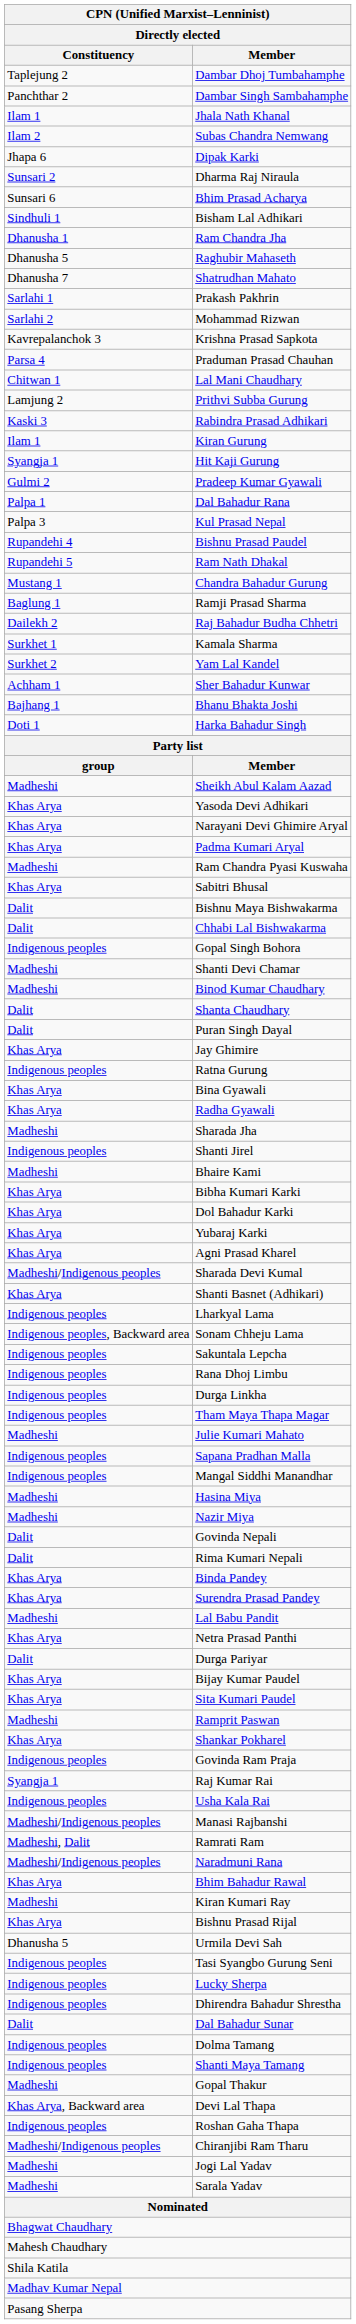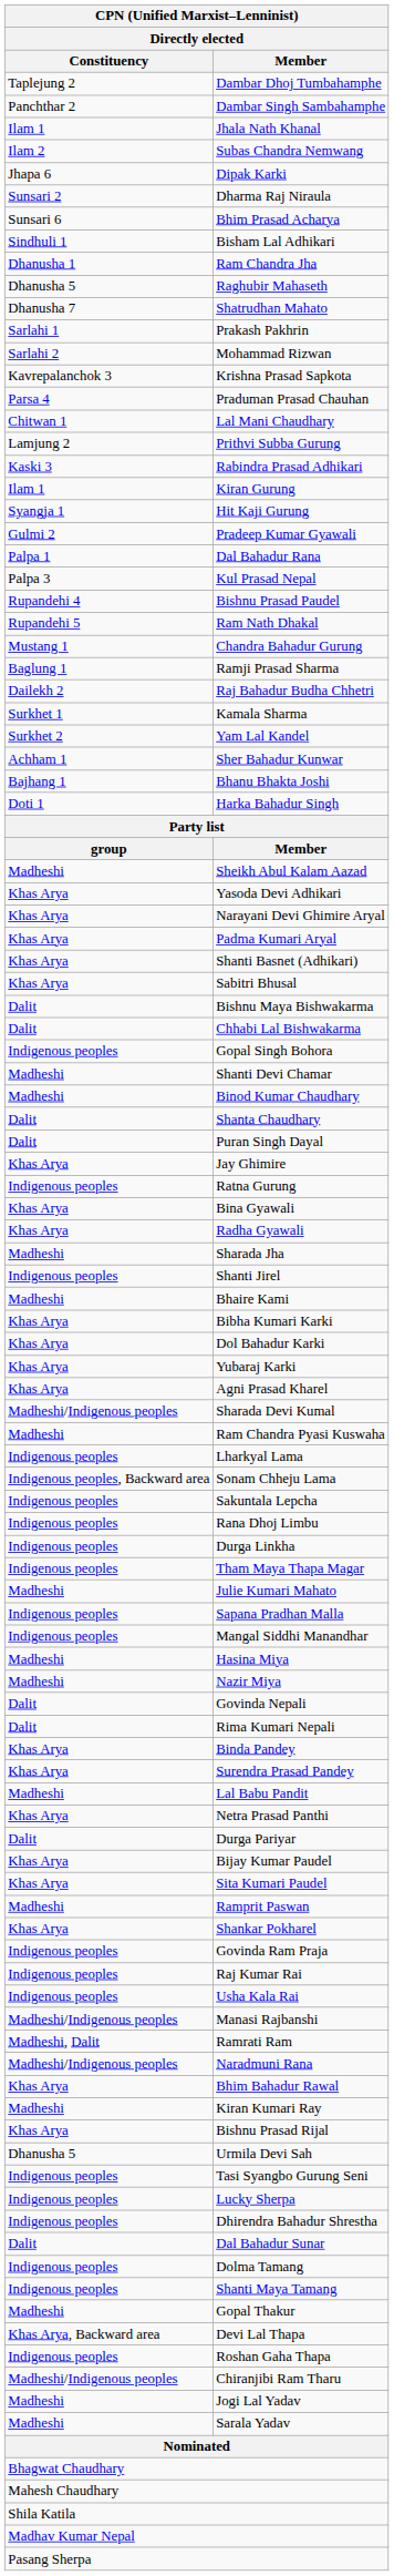 <table role="presentation" class="wikitable mw-collapsible mw-collapsed">
 <tr>
 <th colspan="2" style="width: 300pt; background: ">CPN (Unified Marxist–Lenninist)</th>
 </tr>
 <tr>
 <th colspan="2">Directly elected</th>
 </tr>
 <tr>
 <th>Constituency</th>
 <th>Member</th>
 </tr>
 <tr>
 <td>Taplejung 2</td>
 <td><a href='#'>Dambar Dhoj Tumbahamphe</a></td>
 </tr>
 <tr>
 <td>Panchthar 2</td>
 <td><a href='#'>Dambar Singh Sambahamphe</a></td>
 </tr>
 <tr>
 <td><a href='#'>Ilam 1</a></td>
 <td><a href='#'>Jhala Nath Khanal</a></td>
 </tr>
 <tr>
 <td><a href='#'>Ilam 2</a></td>
 <td><a href='#'>Subas Chandra Nemwang</a></td>
 </tr>
 <tr>
 <td>Jhapa 6</td>
 <td><a href='#'>Dipak Karki</a></td>
 </tr>
 <tr>
 <td><a href='#'>Sunsari 2</a></td>
 <td>Dharma Raj Niraula</td>
 </tr>
 <tr>
 <td>Sunsari 6</td>
 <td><a href='#'>Bhim Prasad Acharya</a></td>
 </tr>
 <tr>
 <td><a href='#'>Sindhuli 1</a></td>
 <td>Bisham Lal Adhikari</td>
 </tr>
 <tr>
 <td><a href='#'>Dhanusha 1</a></td>
 <td><a href='#'>Ram Chandra Jha</a></td>
 </tr>
 <tr>
 <td>Dhanusha 5</td>
 <td><a href='#'>Raghubir Mahaseth</a></td>
 </tr>
 <tr>
 <td>Dhanusha 7</td>
 <td><a href='#'>Shatrudhan Mahato</a></td>
 </tr>
 <tr>
 <td><a href='#'>Sarlahi 1</a></td>
 <td>Prakash Pakhrin</td>
 </tr>
 <tr>
 <td><a href='#'>Sarlahi 2</a></td>
 <td>Mohammad Rizwan</td>
 </tr>
 <tr>
 <td>Kavrepalanchok 3</td>
 <td>Krishna Prasad Sapkota</td>
 </tr>
 <tr>
 <td><a href='#'>Parsa 4</a></td>
 <td>Praduman Prasad Chauhan</td>
 </tr>
 <tr>
 <td><a href='#'>Chitwan 1</a></td>
 <td><a href='#'>Lal Mani Chaudhary</a></td>
 </tr>
 <tr>
 <td>Lamjung 2</td>
 <td><a href='#'>Prithvi Subba Gurung</a></td>
 </tr>
 <tr>
 <td><a href='#'>Kaski 3</a></td>
 <td><a href='#'>Rabindra Prasad Adhikari</a></td>
 </tr>
 <tr>
 <td><a href='#'>Ilam 1</a></td>
 <td><a href='#'>Kiran Gurung</a></td>
 </tr>
 <tr>
 <td><a href='#'>Syangja 1</a></td>
 <td><a href='#'>Hit Kaji Gurung</a></td>
 </tr>
 <tr>
 <td><a href='#'>Gulmi 2</a></td>
 <td><a href='#'>Pradeep Kumar Gyawali</a></td>
 </tr>
 <tr>
 <td><a href='#'>Palpa 1</a></td>
 <td><a href='#'>Dal Bahadur Rana</a></td>
 </tr>
 <tr>
 <td>Palpa 3</td>
 <td><a href='#'>Kul Prasad Nepal</a></td>
 </tr>
 <tr>
 <td><a href='#'>Rupandehi 4</a></td>
 <td><a href='#'>Bishnu Prasad Paudel</a></td>
 </tr>
 <tr>
 <td><a href='#'>Rupandehi 5</a></td>
 <td><a href='#'>Ram Nath Dhakal</a></td>
 </tr>
 <tr>
 <td><a href='#'>Mustang 1</a></td>
 <td><a href='#'>Chandra Bahadur Gurung</a></td>
 </tr>
 <tr>
 <td><a href='#'>Baglung 1</a></td>
 <td>Ramji Prasad Sharma</td>
 </tr>
 <tr>
 <td><a href='#'>Dailekh 2</a></td>
 <td><a href='#'>Raj Bahadur Budha Chhetri</a></td>
 </tr>
 <tr>
 <td><a href='#'>Surkhet 1</a></td>
 <td>Kamala Sharma</td>
 </tr>
 <tr>
 <td><a href='#'>Surkhet 2</a></td>
 <td><a href='#'>Yam Lal Kandel</a></td>
 </tr>
 <tr>
 <td><a href='#'>Achham 1</a></td>
 <td><a href='#'>Sher Bahadur Kunwar</a></td>
 </tr>
 <tr>
 <td><a href='#'>Bajhang 1</a></td>
 <td><a href='#'>Bhanu Bhakta Joshi</a></td>
 </tr>
 <tr>
 <td><a href='#'>Doti 1</a></td>
 <td><a href='#'>Harka Bahadur Singh</a></td>
 </tr>
 <tr>
 <th colspan="2">Party list</th>
 </tr>
 <tr>
 <th> group</th>
 <th>Member</th>
 </tr>
 <tr>
 <td><a href='#'>Madheshi</a></td>
 <td><a href='#'>Sheikh Abul Kalam Aazad</a></td>
 </tr>
 <tr>
 <td><a href='#'>Khas Arya</a></td>
 <td>Yasoda Devi Adhikari</td>
 </tr>
 <tr>
 <td><a href='#'>Khas Arya</a></td>
 <td>Narayani Devi Ghimire Aryal</td>
 </tr>
 <tr>
 <td><a href='#'>Khas Arya</a></td>
 <td><a href='#'>Padma Kumari Aryal</a></td>
 </tr>
 <tr>
-<td><a href='#'>Madheshi</a></td>
-<td>Ram Chandra Pyasi Kuswaha</td>
+<td><a href='#'>Khas Arya</a></td>
+<td>Shanti Basnet (Adhikari)</td>
 </tr>
 <tr>
 <td><a href='#'>Khas Arya</a></td>
 <td>Sabitri Bhusal</td>
 </tr>
 <tr>
 <td><a href='#'>Dalit</a></td>
 <td>Bishnu Maya Bishwakarma</td>
 </tr>
 <tr>
 <td><a href='#'>Dalit</a></td>
 <td><a href='#'>Chhabi Lal Bishwakarma</a></td>
 </tr>
 <tr>
 <td><a href='#'>Indigenous peoples</a></td>
 <td>Gopal Singh Bohora</td>
 </tr>
 <tr>
 <td><a href='#'>Madheshi</a></td>
 <td>Shanti Devi Chamar</td>
 </tr>
 <tr>
 <td><a href='#'>Madheshi</a></td>
 <td><a href='#'>Binod Kumar Chaudhary</a></td>
 </tr>
 <tr>
 <td><a href='#'>Dalit</a></td>
 <td><a href='#'>Shanta Chaudhary</a></td>
 </tr>
 <tr>
 <td><a href='#'>Dalit</a></td>
 <td>Puran Singh Dayal</td>
 </tr>
 <tr>
 <td><a href='#'>Khas Arya</a></td>
 <td>Jay Ghimire</td>
 </tr>
 <tr>
 <td><a href='#'>Indigenous peoples</a></td>
 <td>Ratna Gurung</td>
 </tr>
 <tr>
 <td><a href='#'>Khas Arya</a></td>
 <td>Bina Gyawali</td>
 </tr>
 <tr>
 <td><a href='#'>Khas Arya</a></td>
 <td><a href='#'>Radha Gyawali</a></td>
 </tr>
 <tr>
 <td><a href='#'>Madheshi</a></td>
 <td>Sharada Jha</td>
 </tr>
 <tr>
 <td><a href='#'>Indigenous peoples</a></td>
 <td>Shanti Jirel</td>
 </tr>
 <tr>
 <td><a href='#'>Madheshi</a></td>
 <td>Bhaire Kami</td>
 </tr>
 <tr>
 <td><a href='#'>Khas Arya</a></td>
 <td>Bibha Kumari Karki</td>
 </tr>
 <tr>
 <td><a href='#'>Khas Arya</a></td>
 <td>Dol Bahadur Karki</td>
 </tr>
 <tr>
 <td><a href='#'>Khas Arya</a></td>
 <td>Yubaraj Karki</td>
 </tr>
 <tr>
 <td><a href='#'>Khas Arya</a></td>
 <td>Agni Prasad Kharel</td>
 </tr>
 <tr>
 <td><a href='#'>Madheshi</a>/<a href='#'>Indigenous peoples</a></td>
 <td>Sharada Devi Kumal</td>
 </tr>
 <tr>
-<td><a href='#'>Khas Arya</a></td>
-<td>Shanti Basnet (Adhikari)</td>
+<td><a href='#'>Madheshi</a></td>
+<td>Ram Chandra Pyasi Kuswaha</td>
 </tr>
 <tr>
 <td><a href='#'>Indigenous peoples</a></td>
 <td>Lharkyal Lama</td>
 </tr>
 <tr>
 <td><a href='#'>Indigenous peoples</a>, Backward area</td>
 <td>Sonam Chheju Lama</td>
 </tr>
 <tr>
 <td><a href='#'>Indigenous peoples</a></td>
 <td>Sakuntala Lepcha</td>
 </tr>
 <tr>
 <td><a href='#'>Indigenous peoples</a></td>
 <td>Rana Dhoj Limbu</td>
 </tr>
 <tr>
 <td><a href='#'>Indigenous peoples</a></td>
 <td>Durga Linkha</td>
 </tr>
 <tr>
 <td><a href='#'>Indigenous peoples</a></td>
 <td><a href='#'>Tham Maya Thapa Magar</a></td>
 </tr>
 <tr>
 <td><a href='#'>Madheshi</a></td>
 <td><a href='#'>Julie Kumari Mahato</a></td>
 </tr>
 <tr>
 <td><a href='#'>Indigenous peoples</a></td>
 <td><a href='#'>Sapana Pradhan Malla</a></td>
 </tr>
 <tr>
 <td><a href='#'>Indigenous peoples</a></td>
 <td>Mangal Siddhi Manandhar</td>
 </tr>
 <tr>
 <td><a href='#'>Madheshi</a></td>
 <td><a href='#'>Hasina Miya</a></td>
 </tr>
 <tr>
 <td><a href='#'>Madheshi</a></td>
 <td><a href='#'>Nazir Miya</a></td>
 </tr>
 <tr>
 <td><a href='#'>Dalit</a></td>
 <td>Govinda Nepali</td>
 </tr>
 <tr>
 <td><a href='#'>Dalit</a></td>
 <td>Rima Kumari Nepali</td>
 </tr>
 <tr>
 <td><a href='#'>Khas Arya</a></td>
 <td><a href='#'>Binda Pandey</a></td>
 </tr>
 <tr>
 <td><a href='#'>Khas Arya</a></td>
 <td><a href='#'>Surendra Prasad Pandey</a></td>
 </tr>
 <tr>
 <td><a href='#'>Madheshi</a></td>
 <td><a href='#'>Lal Babu Pandit</a></td>
 </tr>
 <tr>
 <td><a href='#'>Khas Arya</a></td>
 <td>Netra Prasad Panthi</td>
 </tr>
 <tr>
 <td><a href='#'>Dalit</a></td>
 <td>Durga Pariyar</td>
 </tr>
 <tr>
 <td><a href='#'>Khas Arya</a></td>
 <td>Bijay Kumar Paudel</td>
 </tr>
 <tr>
 <td><a href='#'>Khas Arya</a></td>
 <td><a href='#'>Sita Kumari Paudel</a></td>
 </tr>
 <tr>
 <td><a href='#'>Madheshi</a></td>
 <td><a href='#'>Ramprit Paswan</a></td>
 </tr>
 <tr>
 <td><a href='#'>Khas Arya</a></td>
 <td><a href='#'>Shankar Pokharel</a></td>
 </tr>
 <tr>
 <td><a href='#'>Indigenous peoples</a></td>
 <td>Govinda Ram Praja</td>
 </tr>
 <tr>
-<td><a href='#'>Syangja 1</a></td>
+<td><a href='#'>Indigenous peoples</a></td>
 <td>Raj Kumar Rai</td>
 </tr>
 <tr>
 <td><a href='#'>Indigenous peoples</a></td>
 <td><a href='#'>Usha Kala Rai</a></td>
 </tr>
 <tr>
 <td><a href='#'>Madheshi</a>/<a href='#'>Indigenous peoples</a></td>
 <td>Manasi Rajbanshi</td>
 </tr>
 <tr>
 <td><a href='#'>Madheshi</a>, <a href='#'>Dalit</a></td>
 <td>Ramrati Ram</td>
 </tr>
 <tr>
 <td><a href='#'>Madheshi</a>/<a href='#'>Indigenous peoples</a></td>
 <td><a href='#'>Naradmuni Rana</a></td>
 </tr>
 <tr>
 <td><a href='#'>Khas Arya</a></td>
 <td><a href='#'>Bhim Bahadur Rawal</a></td>
 </tr>
 <tr>
 <td><a href='#'>Madheshi</a></td>
 <td>Kiran Kumari Ray</td>
 </tr>
 <tr>
 <td><a href='#'>Khas Arya</a></td>
 <td>Bishnu Prasad Rijal</td>
 </tr>
 <tr>
 <td>Dhanusha 5</td>
 <td>Urmila Devi Sah</td>
 </tr>
 <tr>
 <td><a href='#'>Indigenous peoples</a></td>
 <td>Tasi Syangbo Gurung Seni</td>
 </tr>
 <tr>
 <td><a href='#'>Indigenous peoples</a></td>
 <td><a href='#'>Lucky Sherpa</a></td>
 </tr>
 <tr>
 <td><a href='#'>Indigenous peoples</a></td>
 <td>Dhirendra Bahadur Shrestha</td>
 </tr>
 <tr>
 <td><a href='#'>Dalit</a></td>
 <td><a href='#'>Dal Bahadur Sunar</a></td>
 </tr>
 <tr>
 <td><a href='#'>Indigenous peoples</a></td>
 <td>Dolma Tamang</td>
 </tr>
 <tr>
 <td><a href='#'>Indigenous peoples</a></td>
 <td><a href='#'>Shanti Maya Tamang</a></td>
 </tr>
 <tr>
 <td><a href='#'>Madheshi</a></td>
 <td>Gopal Thakur</td>
 </tr>
 <tr>
 <td><a href='#'>Khas Arya</a>, Backward area</td>
 <td>Devi Lal Thapa</td>
 </tr>
 <tr>
 <td><a href='#'>Indigenous peoples</a></td>
 <td>Roshan Gaha Thapa</td>
 </tr>
 <tr>
 <td><a href='#'>Madheshi</a>/<a href='#'>Indigenous peoples</a></td>
 <td>Chiranjibi Ram Tharu</td>
 </tr>
 <tr>
 <td><a href='#'>Madheshi</a></td>
 <td>Jogi Lal Yadav</td>
 </tr>
 <tr>
 <td><a href='#'>Madheshi</a></td>
 <td>Sarala Yadav</td>
 </tr>
 <tr>
 <th colspan="2">Nominated</th>
 </tr>
 <tr>
 <td colspan="2"><a href='#'>Bhagwat Chaudhary</a></td>
 </tr>
 <tr>
 <td colspan="2">Mahesh Chaudhary</td>
 </tr>
 <tr>
 <td colspan="2">Shila Katila</td>
 </tr>
 <tr>
 <td colspan="2"><a href='#'>Madhav Kumar Nepal</a></td>
 </tr>
 <tr>
 <td colspan="2">Pasang Sherpa</td>
 </tr>
 </table>
